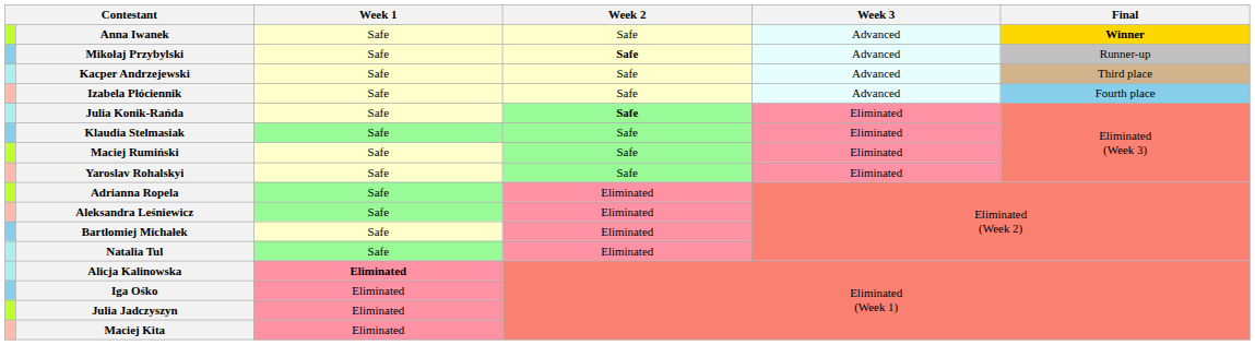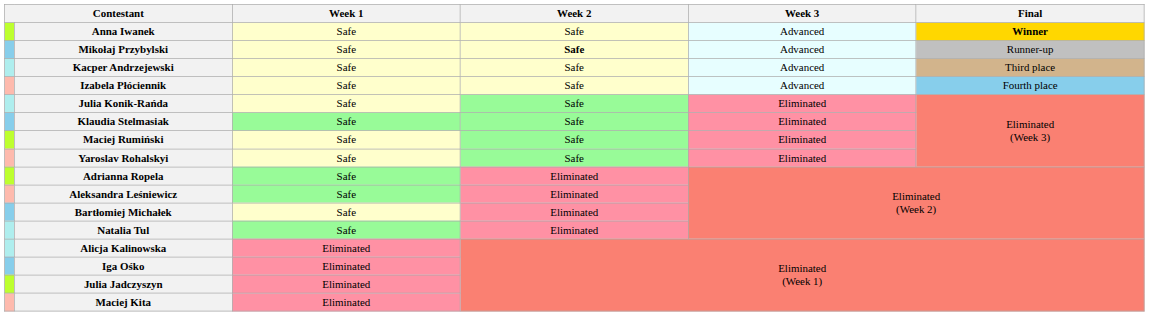 <table class="wikitable" style="font-size:95%; text-align:center; width:100%">
 <tr>
 <th style="width:15%" colspan="2">Contestant</th>
 <th style="width:15%">Week 1</th>
 <th style="width:15%">Week 2</th>
 <th style="width:15%">Week 3</th>
 <th style="width:15%">Final</th>
 </tr>
 <tr>
 <th style="background:#bdff2f"></th>
 <th>Anna Iwanek</th>
 <td style="background:#FFFFCC">Safe</td>
 <td style="background:#FFFFCC">Safe</td>
 <td style="background:#E7FEFF">Advanced</td>
 <td style="background: gold"><strong>Winner</strong></td>
 </tr>
 <tr>
 <td style="background:#87ceeb"></td>
 <th>Mikołaj Przybylski</th>
 <td style="background:#FFFFCC">Safe</td>
 <td style="background:#FFFFCC"><strong>Safe</strong></td>
 <td style="background:#E7FEFF">Advanced</td>
 <td style="background: silver">Runner-up</td>
 </tr>
 <tr>
 <th style="background:#afeeee"></th>
 <th>Kacper Andrzejewski</th>
 <td style="background:#FFFFCC">Safe</td>
 <td style="background:#FFFFCC">Safe</td>
 <td style="background:#E7FEFF">Advanced</td>
 <td style="background: tan">Third place</td>
 </tr>
 <tr>
 <th style="background:#febaad"></th>
 <th>Izabela Płóciennik</th>
 <td style="background:#FFFFCC">Safe</td>
 <td style="background:#FFFFCC">Safe</td>
 <td style="background:#E7FEFF">Advanced</td>
 <td style="background:skyblue">Fourth place</td>
 </tr>
 <tr>
 <th style="background:#afeeee"></th>
 <th>Julia Konik-Rańda</th>
 <td style="background:#FFFFCC">Safe</td>
-<td style="background:palegreen"><strong>Safe</strong></td>
+<td style="background:palegreen">Safe</td>
 <td style="background:#FF91A4">Eliminated</td>
 <td rowspan="4" style="background:salmon">Eliminated<br>(Week 3)</td>
 </tr>
 <tr>
 <th style="background:#87ceeb"></th>
 <th>Klaudia Stelmasiak</th>
 <td style="background:palegreen">Safe</td>
 <td style="background:palegreen">Safe</td>
 <td style="background:#FF91A4">Eliminated</td>
 </tr>
 <tr>
 <th style="background:#bdff2f"></th>
 <th>Maciej Rumiński</th>
 <td style="background:#FFFFCC">Safe</td>
 <td style="background:palegreen">Safe</td>
 <td style="background:#FF91A4">Eliminated</td>
 </tr>
 <tr>
 <th style="background:#febaad"></th>
 <th>Yaroslav Rohalskyi</th>
 <td style="background:#FFFFCC">Safe</td>
 <td style="background:palegreen">Safe</td>
 <td style="background:#FF91A4">Eliminated</td>
 </tr>
 <tr>
 <th style="background:#bdff2f"></th>
 <th>Adrianna Ropela</th>
 <td style="background:palegreen">Safe</td>
 <td style="background:#FF91A4">Eliminated</td>
 <td colspan="3" rowspan="4" style="background:salmon">Eliminated<br>(Week 2)</td>
 </tr>
 <tr>
 <th style="background:#febaad"></th>
 <th>Aleksandra Leśniewicz</th>
 <td style="background:palegreen">Safe</td>
 <td style="background:#FF91A4">Eliminated</td>
 </tr>
 <tr>
 <th style="background:#87ceeb"></th>
 <th>Bartłomiej Michałek</th>
 <td style="background:#FFFFCC">Safe</td>
 <td style="background:#FF91A4">Eliminated</td>
 </tr>
 <tr>
 <th style="background:#afeeee"></th>
 <th>Natalia Tul</th>
 <td style="background:palegreen">Safe</td>
 <td style="background:#FF91A4">Eliminated</td>
 </tr>
 <tr>
 <th style="background:#afeeee"></th>
 <th>Alicja Kalinowska</th>
-<td style="background:#FF91A4"><strong>Eliminated</strong></td>
+<td style="background:#FF91A4">Eliminated</td>
 <td colspan="4" rowspan="8" style="background:salmon">Eliminated<br>(Week 1)</td>
 </tr>
 <tr>
 <th style="background:#87ceeb"></th>
 <th>Iga Ośko</th>
 <td style="background:#FF91A4">Eliminated</td>
 </tr>
 <tr>
 <th style="background:#bdff2f"></th>
 <th>Julia Jadczyszyn</th>
 <td style="background:#FF91A4">Eliminated</td>
 </tr>
 <tr>
 <th style="background:#febaad"></th>
 <th>Maciej Kita</th>
 <td style="background:#FF91A4">Eliminated</td>
 </tr>
 </table>
